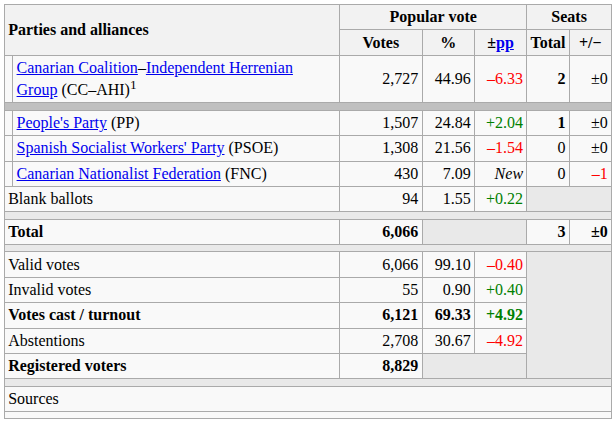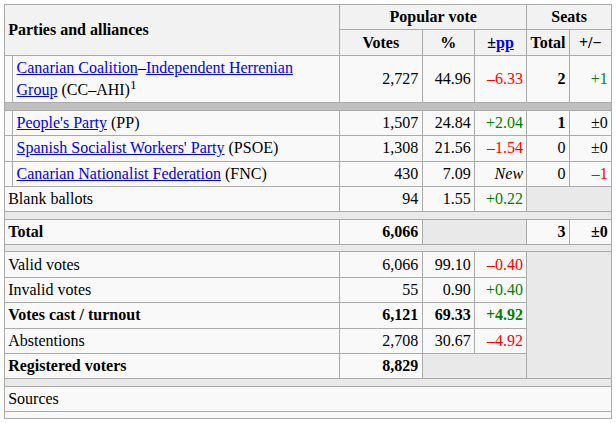 <table class="wikitable" style="text-align:right;">
 <tr>
 <th style="text-align:left;" rowspan="2" colspan="2" width="525">Parties and alliances</th>
 <th colspan="3">Popular vote</th>
 <th colspan="2">Seats</th>
 </tr>
 <tr>
 <th width="75">Votes</th>
 <th width="45">%</th>
 <th width="45">±<a href='#'>pp</a></th>
 <th width="35">Total</th>
 <th width="35">+/−</th>
 </tr>
 <tr>
 <td width="1" style="color:inherit;background:"></td>
 <td align="left"><a href='#'>Canarian Coalition</a>–<a href='#'>Independent Herrenian Group</a> (CC–AHI)<sup>1</sup></td>
 <td>2,727</td>
 <td>44.96</td>
 <td style="color:red;">–6.33</td>
 <td><strong>2</strong></td>
-<td>±0</td>
+<td style="color:green;">+1</td>
 </tr>
 <tr>
 <td colspan="7" bgcolor="#C0C0C0"></td>
 </tr>
 <tr>
 <td style="color:inherit;background:"></td>
 <td align="left"><a href='#'>People's Party</a> (PP)</td>
 <td>1,507</td>
 <td>24.84</td>
 <td style="color:green;">+2.04</td>
 <td><strong>1</strong></td>
 <td>±0</td>
 </tr>
 <tr>
 <td style="color:inherit;background:"></td>
 <td align="left"><a href='#'>Spanish Socialist Workers' Party</a> (PSOE)</td>
 <td>1,308</td>
 <td>21.56</td>
 <td style="color:red;">–1.54</td>
 <td>0</td>
 <td>±0</td>
 </tr>
 <tr>
 <td style="color:inherit;background:"></td>
 <td align="left"><a href='#'>Canarian Nationalist Federation</a> (FNC)</td>
 <td>430</td>
 <td>7.09</td>
 <td><em>New</em></td>
 <td>0</td>
 <td style="color:red;">–1</td>
 </tr>
 <tr>
 <td align="left" colspan="2">Blank ballots</td>
 <td>94</td>
 <td>1.55</td>
 <td style="color:green;">+0.22</td>
 <td bgcolor="#E9E9E9" colspan="2"></td>
 </tr>
 <tr>
 <td colspan="7" bgcolor="#E9E9E9"></td>
 </tr>
 <tr style="font-weight:bold;">
 <td align="left" colspan="2">Total</td>
 <td>6,066</td>
 <td bgcolor="#E9E9E9" colspan="2"></td>
 <td>3</td>
 <td>±0</td>
 </tr>
 <tr>
 <td colspan="7" bgcolor="#E9E9E9"></td>
 </tr>
 <tr>
 <td align="left" colspan="2">Valid votes</td>
 <td>6,066</td>
 <td>99.10</td>
 <td style="color:red;">–0.40</td>
 <td bgcolor="#E9E9E9" colspan="2" rowspan="5"></td>
 </tr>
 <tr>
 <td align="left" colspan="2">Invalid votes</td>
 <td>55</td>
 <td>0.90</td>
 <td style="color:green;">+0.40</td>
 </tr>
 <tr style="font-weight:bold;">
 <td align="left" colspan="2">Votes cast / turnout</td>
 <td>6,121</td>
 <td>69.33</td>
 <td style="color:green;">+4.92</td>
 </tr>
 <tr>
 <td align="left" colspan="2">Abstentions</td>
 <td>2,708</td>
 <td>30.67</td>
 <td style="color:red;">–4.92</td>
 </tr>
 <tr style="font-weight:bold;">
 <td align="left" colspan="2">Registered voters</td>
 <td>8,829</td>
 <td bgcolor="#E9E9E9" colspan="2"></td>
 </tr>
 <tr>
 <td colspan="7" bgcolor="#E9E9E9"></td>
 </tr>
 <tr>
 <td align="left" colspan="7">Sources</td>
 </tr>
 <tr>
 <td colspan="7" style="text-align:left; max-width:790px;"></td>
 </tr>
 </table>
